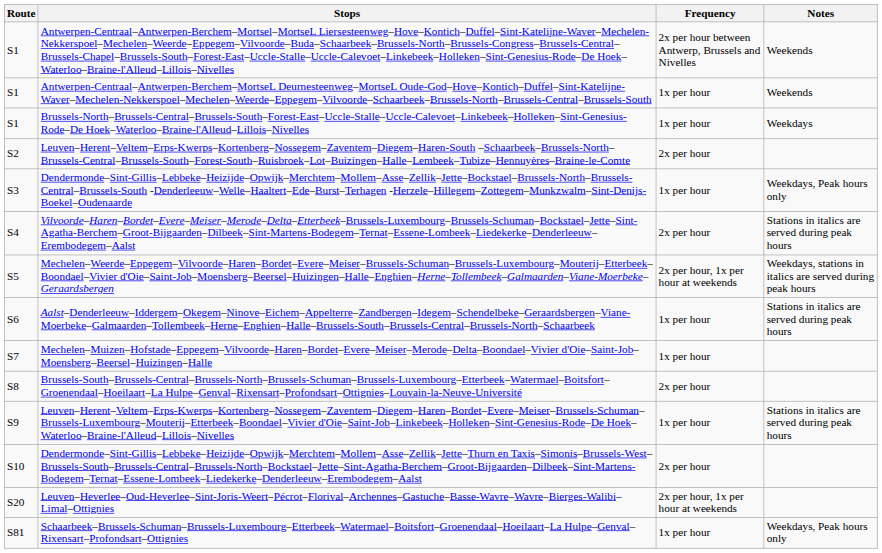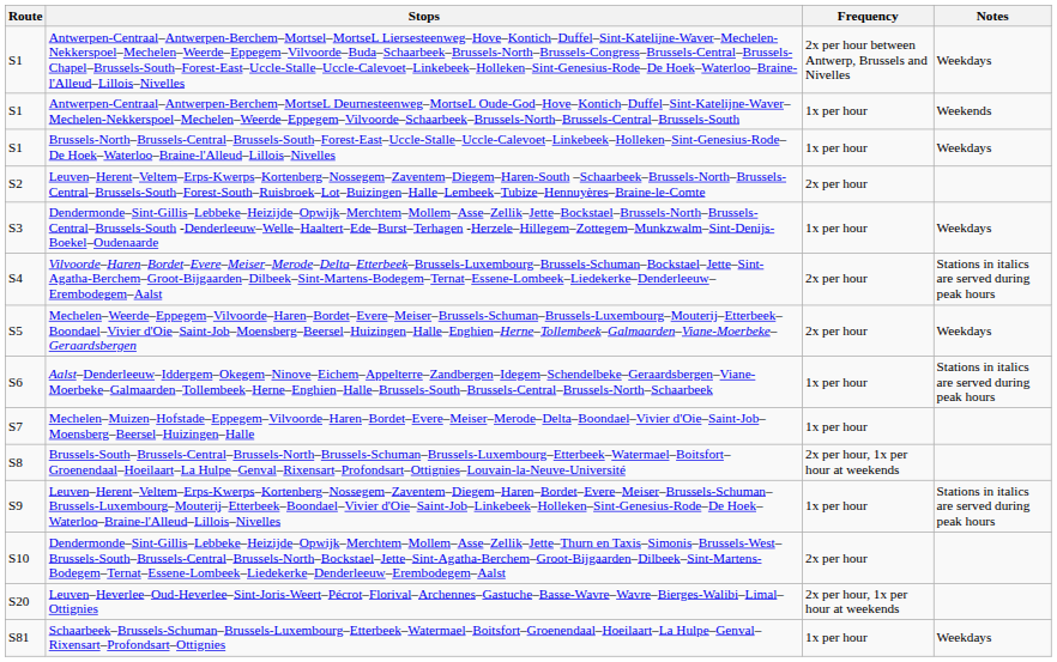 <table class="wikitable vatop">
 <tr>
 <th>Route</th>
 <th>Stops</th>
 <th>Frequency</th>
 <th>Notes</th>
 </tr>
 <tr>
 <td>S1</td>
 <td><a href='#'>Antwerpen-Centraal</a>–<a href='#'>Antwerpen-Berchem</a>–<a href='#'>Mortsel</a>–<a href='#'>MortseL Liersesteenweg</a>–<a href='#'>Hove</a>–<a href='#'>Kontich</a>–<a href='#'>Duffel</a>–<a href='#'>Sint-Katelijne-Waver</a>–<a href='#'>Mechelen-Nekkerspoel</a>–<a href='#'>Mechelen</a>–<a href='#'>Weerde</a>–<a href='#'>Eppegem</a>–<a href='#'>Vilvoorde</a>–<a href='#'>Buda</a>–<a href='#'>Schaarbeek</a>–<a href='#'>Brussels-North</a>–<a href='#'>Brussels-Congress</a>–<a href='#'>Brussels-Central</a>–<a href='#'>Brussels-Chapel</a>–<a href='#'>Brussels-South</a>–<a href='#'>Forest-East</a>–<a href='#'>Uccle-Stalle</a>–<a href='#'>Uccle-Calevoet</a>–<a href='#'>Linkebeek</a>–<a href='#'>Holleken</a>–<a href='#'>Sint-Genesius-Rode</a>–<a href='#'>De Hoek</a>–<a href='#'>Waterloo</a>–<a href='#'>Braine-l'Alleud</a>–<a href='#'>Lillois</a>–<a href='#'>Nivelles</a></td>
 <td>2x per hour between Antwerp, Brussels and Nivelles</td>
-<td>Weekends</td>
+<td>Weekdays</td>
 </tr>
 <tr>
 <td>S1</td>
 <td><a href='#'>Antwerpen-Centraal</a>–<a href='#'>Antwerpen-Berchem</a>–<a href='#'>MortseL Deurnesteenweg</a>–<a href='#'>MortseL Oude-God</a>–<a href='#'>Hove</a>–<a href='#'>Kontich</a>–<a href='#'>Duffel</a>–<a href='#'>Sint-Katelijne-Waver</a>–<a href='#'>Mechelen-Nekkerspoel</a>–<a href='#'>Mechelen</a>–<a href='#'>Weerde</a>–<a href='#'>Eppegem</a>–<a href='#'>Vilvoorde</a>–<a href='#'>Schaarbeek</a>–<a href='#'>Brussels-North</a>–<a href='#'>Brussels-Central</a>–<a href='#'>Brussels-South</a></td>
 <td>1x per hour</td>
 <td>Weekends</td>
 </tr>
 <tr>
 <td>S1</td>
 <td><a href='#'>Brussels-North</a>–<a href='#'>Brussels-Central</a>–<a href='#'>Brussels-South</a>–<a href='#'>Forest-East</a>–<a href='#'>Uccle-Stalle</a>–<a href='#'>Uccle-Calevoet</a>–<a href='#'>Linkebeek</a>–<a href='#'>Holleken</a>–<a href='#'>Sint-Genesius-Rode</a>–<a href='#'>De Hoek</a>–<a href='#'>Waterloo</a>–<a href='#'>Braine-l'Alleud</a>–<a href='#'>Lillois</a>–<a href='#'>Nivelles</a></td>
 <td>1x per hour</td>
 <td>Weekdays</td>
 </tr>
 <tr>
 <td>S2</td>
 <td><a href='#'>Leuven</a>–<a href='#'>Herent</a>–<a href='#'>Veltem</a>–<a href='#'>Erps-Kwerps</a>–<a href='#'>Kortenberg</a>–<a href='#'>Nossegem</a>–<a href='#'>Zaventem</a>–<a href='#'>Diegem</a>–<a href='#'>Haren-South</a> –<a href='#'>Schaarbeek</a>–<a href='#'>Brussels-North</a>–<a href='#'>Brussels-Central</a>–<a href='#'>Brussels-South</a>–<a href='#'>Forest-South</a>–<a href='#'>Ruisbroek</a>–<a href='#'>Lot</a>–<a href='#'>Buizingen</a>–<a href='#'>Halle</a>–<a href='#'>Lembeek</a>–<a href='#'>Tubize</a>–<a href='#'>Hennuyères</a>–<a href='#'>Braine-le-Comte</a></td>
 <td>2x per hour</td>
 <td></td>
 </tr>
 <tr>
 <td>S3</td>
 <td><a href='#'>Dendermonde</a>–<a href='#'>Sint-Gillis</a>–<a href='#'>Lebbeke</a>–<a href='#'>Heizijde</a>–<a href='#'>Opwijk</a>–<a href='#'>Merchtem</a>–<a href='#'>Mollem</a>–<a href='#'>Asse</a>–<a href='#'>Zellik</a>–<a href='#'>Jette</a>–<a href='#'>Bockstael</a>–<a href='#'>Brussels-North</a>–<a href='#'>Brussels-Central</a>–<a href='#'>Brussels-South</a> -<a href='#'>Denderleeuw</a>–<a href='#'>Welle</a>–<a href='#'>Haaltert</a>–<a href='#'>Ede</a>–<a href='#'>Burst</a>–<a href='#'>Terhagen</a> -<a href='#'>Herzele</a>–<a href='#'>Hillegem</a>–<a href='#'>Zottegem</a>–<a href='#'>Munkzwalm</a>–<a href='#'>Sint-Denijs-Boekel</a>–<a href='#'>Oudenaarde</a></td>
 <td>1x per hour</td>
-<td>Weekdays, Peak hours only</td>
+<td>Weekdays</td>
 </tr>
 <tr>
 <td>S4</td>
 <td><em><a href='#'>Vilvoorde</a>–<a href='#'>Haren</a>–<a href='#'>Bordet</a>–<a href='#'>Evere</a>–<a href='#'>Meiser</a>–<a href='#'>Merode</a>–<a href='#'>Delta</a>–<a href='#'>Etterbeek</a></em>–<a href='#'>Brussels-Luxembourg</a>–<a href='#'>Brussels-Schuman</a>–<a href='#'>Bockstael</a>–<a href='#'>Jette</a>–<a href='#'>Sint-Agatha-Berchem</a>–<a href='#'>Groot-Bijgaarden</a>–<a href='#'>Dilbeek</a>–<a href='#'>Sint-Martens-Bodegem</a>–<a href='#'>Ternat</a>–<a href='#'>Essene-Lombeek</a>–<a href='#'>Liedekerke</a>–<a href='#'>Denderleeuw</a>–<a href='#'>Erembodegem</a>–<a href='#'>Aalst</a></td>
 <td>2x per hour</td>
 <td>Stations in italics are served during peak hours</td>
 </tr>
 <tr>
 <td>S5</td>
 <td><a href='#'>Mechelen</a>–<a href='#'>Weerde</a>–<a href='#'>Eppegem</a>–<a href='#'>Vilvoorde</a>–<a href='#'>Haren</a>–<a href='#'>Bordet</a>–<a href='#'>Evere</a>–<a href='#'>Meiser</a>–<a href='#'>Brussels-Schuman</a>–<a href='#'>Brussels-Luxembourg</a>–<a href='#'>Mouterij</a>–<a href='#'>Etterbeek</a>–<a href='#'>Boondael</a>–<a href='#'>Vivier d'Oie</a>–<a href='#'>Saint-Job</a>–<a href='#'>Moensberg</a>–<a href='#'>Beersel</a>–<a href='#'>Huizingen</a>–<a href='#'>Halle</a>–<a href='#'>Enghien</a>–<em><a href='#'>Herne</a>–<a href='#'>Tollembeek</a>–<a href='#'>Galmaarden</a>–<a href='#'>Viane-Moerbeke</a>–<a href='#'>Geraardsbergen</a></em></td>
-<td>2x per hour, 1x per hour at weekends</td>
-<td>Weekdays, stations in italics are served during peak hours</td>
+<td>2x per hour</td>
+<td>Weekdays</td>
 </tr>
 <tr>
 <td>S6</td>
 <td><em><a href='#'>Aalst</a></em>–<a href='#'>Denderleeuw</a>–<a href='#'>Iddergem</a>–<a href='#'>Okegem</a>–<a href='#'>Ninove</a>–<a href='#'>Eichem</a>–<a href='#'>Appelterre</a>–<a href='#'>Zandbergen</a>–<a href='#'>Idegem</a>–<a href='#'>Schendelbeke</a>–<a href='#'>Geraardsbergen</a>–<a href='#'>Viane-Moerbeke</a>–<a href='#'>Galmaarden</a>–<a href='#'>Tollembeek</a>–<a href='#'>Herne</a>–<a href='#'>Enghien</a>–<a href='#'>Halle</a>–<a href='#'>Brussels-South</a>–<a href='#'>Brussels-Central</a>–<a href='#'>Brussels-North</a>–<a href='#'>Schaarbeek</a></td>
 <td>1x per hour</td>
 <td>Stations in italics are served during peak hours</td>
 </tr>
 <tr>
 <td>S7</td>
 <td><a href='#'>Mechelen</a>–<a href='#'>Muizen</a>–<a href='#'>Hofstade</a>–<a href='#'>Eppegem</a>–<a href='#'>Vilvoorde</a>–<a href='#'>Haren</a>–<a href='#'>Bordet</a>–<a href='#'>Evere</a>–<a href='#'>Meiser</a>–<a href='#'>Merode</a>–<a href='#'>Delta</a>–<a href='#'>Boondael</a>–<a href='#'>Vivier d'Oie</a>–<a href='#'>Saint-Job</a>–<a href='#'>Moensberg</a>–<a href='#'>Beersel</a>–<a href='#'>Huizingen</a>–<a href='#'>Halle</a></td>
 <td>1x per hour</td>
 <td></td>
 </tr>
 <tr>
 <td>S8</td>
 <td><a href='#'>Brussels-South</a>–<a href='#'>Brussels-Central</a>–<a href='#'>Brussels-North</a>–<a href='#'>Brussels-Schuman</a>–<a href='#'>Brussels-Luxembourg</a>–<a href='#'>Etterbeek</a>–<a href='#'>Watermael</a>–<a href='#'>Boitsfort</a>–<a href='#'>Groenendaal</a>–<a href='#'>Hoeilaart</a>–<a href='#'>La Hulpe</a>–<a href='#'>Genval</a>–<a href='#'>Rixensart</a>–<a href='#'>Profondsart</a>–<a href='#'>Ottignies</a>–<a href='#'>Louvain-la-Neuve-Université</a></td>
-<td>2x per hour</td>
+<td>2x per hour, 1x per hour at weekends</td>
 <td></td>
 </tr>
 <tr>
 <td>S9</td>
 <td><a href='#'>Leuven</a>–<a href='#'>Herent</a>–<a href='#'>Veltem</a>–<a href='#'>Erps-Kwerps</a>–<a href='#'>Kortenberg</a>–<a href='#'>Nossegem</a>–<a href='#'>Zaventem</a>–<a href='#'>Diegem</a>–<a href='#'>Haren</a>–<a href='#'>Bordet</a>–<a href='#'>Evere</a>–<a href='#'>Meiser</a>–<a href='#'>Brussels-Schuman</a>–<a href='#'>Brussels-Luxembourg</a>–<a href='#'>Mouterij</a>–<a href='#'>Etterbeek</a>–<a href='#'>Boondael</a>–<a href='#'>Vivier d'Oie</a>–<a href='#'>Saint-Job</a>–<a href='#'>Linkebeek</a>–<a href='#'>Holleken</a>–<a href='#'>Sint-Genesius-Rode</a>–<a href='#'>De Hoek</a>–<a href='#'>Waterloo</a>–<a href='#'>Braine-l'Alleud</a>–<a href='#'>Lillois</a>–<a href='#'>Nivelles</a></td>
 <td>1x per hour</td>
 <td>Stations in italics are served during peak hours</td>
 </tr>
 <tr>
 <td>S10</td>
 <td><a href='#'>Dendermonde</a>–<a href='#'>Sint-Gillis</a>–<a href='#'>Lebbeke</a>–<a href='#'>Heizijde</a>–<a href='#'>Opwijk</a>–<a href='#'>Merchtem</a>–<a href='#'>Mollem</a>–<a href='#'>Asse</a>–<a href='#'>Zellik</a>–<a href='#'>Jette</a>–<a href='#'>Thurn en Taxis</a>–<a href='#'>Simonis</a>–<a href='#'>Brussels-West</a>–<a href='#'>Brussels-South</a>–<a href='#'>Brussels-Central</a>–<a href='#'>Brussels-North</a>–<a href='#'>Bockstael</a>–<a href='#'>Jette</a>–<a href='#'>Sint-Agatha-Berchem</a>–<a href='#'>Groot-Bijgaarden</a>–<a href='#'>Dilbeek</a>–<a href='#'>Sint-Martens-Bodegem</a>–<a href='#'>Ternat</a>–<a href='#'>Essene-Lombeek</a>–<a href='#'>Liedekerke</a>–<a href='#'>Denderleeuw</a>–<a href='#'>Erembodegem</a>–<a href='#'>Aalst</a></td>
 <td>2x per hour</td>
 <td></td>
 </tr>
 <tr>
 <td>S20</td>
 <td><a href='#'>Leuven</a>–<a href='#'>Heverlee</a>–<a href='#'>Oud-Heverlee</a>–<a href='#'>Sint-Joris-Weert</a>–<a href='#'>Pécrot</a>–<a href='#'>Florival</a>–<a href='#'>Archennes</a>–<a href='#'>Gastuche</a>–<a href='#'>Basse-Wavre</a>–<a href='#'>Wavre</a>–<a href='#'>Bierges-Walibi</a>–<a href='#'>Limal</a>–<a href='#'>Ottignies</a></td>
 <td>2x per hour, 1x per hour at weekends</td>
 <td></td>
 </tr>
 <tr>
 <td>S81</td>
 <td><a href='#'>Schaarbeek</a>–<a href='#'>Brussels-Schuman</a>–<a href='#'>Brussels-Luxembourg</a>–<a href='#'>Etterbeek</a>–<a href='#'>Watermael</a>–<a href='#'>Boitsfort</a>–<a href='#'>Groenendaal</a>–<a href='#'>Hoeilaart</a>–<a href='#'>La Hulpe</a>–<a href='#'>Genval</a>–<a href='#'>Rixensart</a>–<a href='#'>Profondsart</a>–<a href='#'>Ottignies</a></td>
 <td>1x per hour</td>
-<td>Weekdays, Peak hours only</td>
+<td>Weekdays</td>
 </tr>
 </table>
